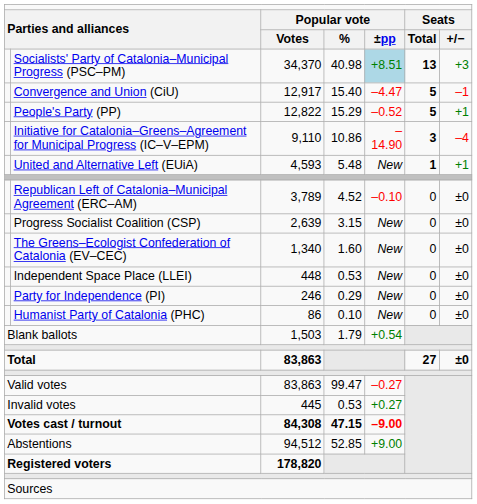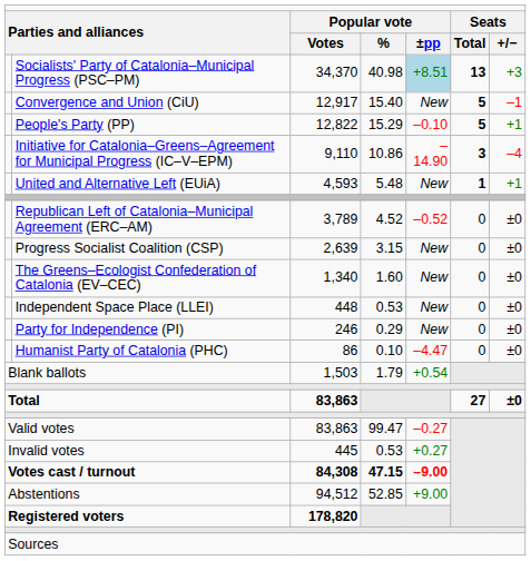 <table class="wikitable" style="text-align:right;">
 <tr>
 <td colspan="7"></td>
 </tr>
 <tr>
 <th style="text-align:left;" rowspan="2" colspan="2" width="525">Parties and alliances</th>
 <th colspan="3">Popular vote</th>
 <th colspan="2">Seats</th>
 </tr>
 <tr>
 <th width="75">Votes</th>
 <th width="45">%</th>
 <th width="45">±<a href='#'>pp</a></th>
 <th width="35">Total</th>
 <th width="35">+/−</th>
 </tr>
 <tr>
 <td width="1" style="color:inherit;background:"></td>
 <td align="left"><a href='#'>Socialists' Party of Catalonia–Municipal Progress</a> (PSC–PM)</td>
 <td>34,370</td>
 <td>40.98</td>
 <td style="background: lightblue; color:green;">+8.51</td>
 <td><strong>13</strong></td>
 <td style="color:green;">+3</td>
 </tr>
 <tr>
 <td style="color:inherit;background:"></td>
 <td align="left"><a href='#'>Convergence and Union</a> (CiU)</td>
 <td>12,917</td>
 <td>15.40</td>
-<td style="color:red;">–4.47</td>
+<td><em>New</em></td>
 <td><strong>5</strong></td>
 <td style="color:red;">–1</td>
 </tr>
 <tr>
 <td style="color:inherit;background:"></td>
 <td align="left"><a href='#'>People's Party</a> (PP)</td>
 <td>12,822</td>
 <td>15.29</td>
-<td style="color:red;">–0.52</td>
+<td style="color:red;">–0.10</td>
 <td><strong>5</strong></td>
 <td style="color:green;">+1</td>
 </tr>
 <tr>
 <td style="color:inherit;background:"></td>
 <td align="left"><a href='#'>Initiative for Catalonia–Greens–Agreement for Municipal Progress</a> (IC–V–EPM)</td>
 <td>9,110</td>
 <td>10.86</td>
 <td style="color:red;">–14.90</td>
 <td><strong>3</strong></td>
 <td style="color:red;">–4</td>
 </tr>
 <tr>
 <td style="color:inherit;background:"></td>
 <td align="left"><a href='#'>United and Alternative Left</a> (EUiA)</td>
 <td>4,593</td>
 <td>5.48</td>
 <td><em>New</em></td>
 <td><strong>1</strong></td>
 <td style="color:green;">+1</td>
 </tr>
 <tr>
 <td colspan="7" style="color:inherit;background:#C0C0C0"></td>
 </tr>
 <tr>
 <td style="color:inherit;background:"></td>
 <td align="left"><a href='#'>Republican Left of Catalonia–Municipal Agreement</a> (ERC–AM)</td>
 <td>3,789</td>
 <td>4.52</td>
-<td style="color:red;">–0.10</td>
+<td style="color:red;">–0.52</td>
 <td>0</td>
 <td>±0</td>
 </tr>
 <tr>
 <td style="color:inherit;background:"></td>
 <td align="left">Progress Socialist Coalition (CSP)</td>
 <td>2,639</td>
 <td>3.15</td>
 <td><em>New</em></td>
 <td>0</td>
 <td>±0</td>
 </tr>
 <tr>
 <td style="color:inherit;background:"></td>
 <td align="left"><a href='#'>The Greens–Ecologist Confederation of Catalonia</a> (EV–CEC)</td>
 <td>1,340</td>
 <td>1.60</td>
 <td><em>New</em></td>
 <td>0</td>
 <td>±0</td>
 </tr>
 <tr>
 <td style="color:inherit;background:"></td>
 <td align="left">Independent Space Place (LLEI)</td>
 <td>448</td>
 <td>0.53</td>
 <td><em>New</em></td>
 <td>0</td>
 <td>±0</td>
 </tr>
 <tr>
 <td style="color:inherit;background:"></td>
 <td align="left"><a href='#'>Party for Independence</a> (PI)</td>
 <td>246</td>
 <td>0.29</td>
 <td><em>New</em></td>
 <td>0</td>
 <td>±0</td>
 </tr>
 <tr>
 <td style="color:inherit;background:"></td>
 <td align="left"><a href='#'>Humanist Party of Catalonia</a> (PHC)</td>
 <td>86</td>
 <td>0.10</td>
-<td><em>New</em></td>
+<td style="color:red;">–4.47</td>
 <td>0</td>
 <td>±0</td>
 </tr>
 <tr>
 <td align="left" colspan="2">Blank ballots</td>
 <td>1,503</td>
 <td>1.79</td>
 <td style="color:green;">+0.54</td>
 <td style="color:inherit;background:#E9E9E9" colspan="2"></td>
 </tr>
 <tr>
 <td colspan="7" style="color:inherit;background:#E9E9E9"></td>
 </tr>
 <tr style="font-weight:bold;">
 <td align="left" colspan="2">Total</td>
 <td>83,863</td>
 <td bgcolor="#E9E9E9" colspan="2"></td>
 <td>27</td>
 <td>±0</td>
 </tr>
 <tr>
 <td colspan="7" style="color:inherit;background:#E9E9E9"></td>
 </tr>
 <tr>
 <td align="left" colspan="2">Valid votes</td>
 <td>83,863</td>
 <td>99.47</td>
 <td style="color:red;">–0.27</td>
 <td bgcolor="#E9E9E9" colspan="2" rowspan="5"></td>
 </tr>
 <tr>
 <td align="left" colspan="2">Invalid votes</td>
 <td>445</td>
 <td>0.53</td>
 <td style="color:green;">+0.27</td>
 </tr>
 <tr style="font-weight:bold;">
 <td align="left" colspan="2">Votes cast / turnout</td>
 <td>84,308</td>
 <td>47.15</td>
 <td style="color:red;">–9.00</td>
 </tr>
 <tr>
 <td align="left" colspan="2">Abstentions</td>
 <td>94,512</td>
 <td>52.85</td>
 <td style="color:green;">+9.00</td>
 </tr>
 <tr style="font-weight:bold;">
 <td align="left" colspan="2">Registered voters</td>
 <td>178,820</td>
 <td bgcolor="#E9E9E9" colspan="2"></td>
 </tr>
 <tr>
 <td colspan="7" style="color:inherit;background:#E9E9E9"></td>
 </tr>
 <tr>
 <td align="left" colspan="7">Sources</td>
 </tr>
 </table>
